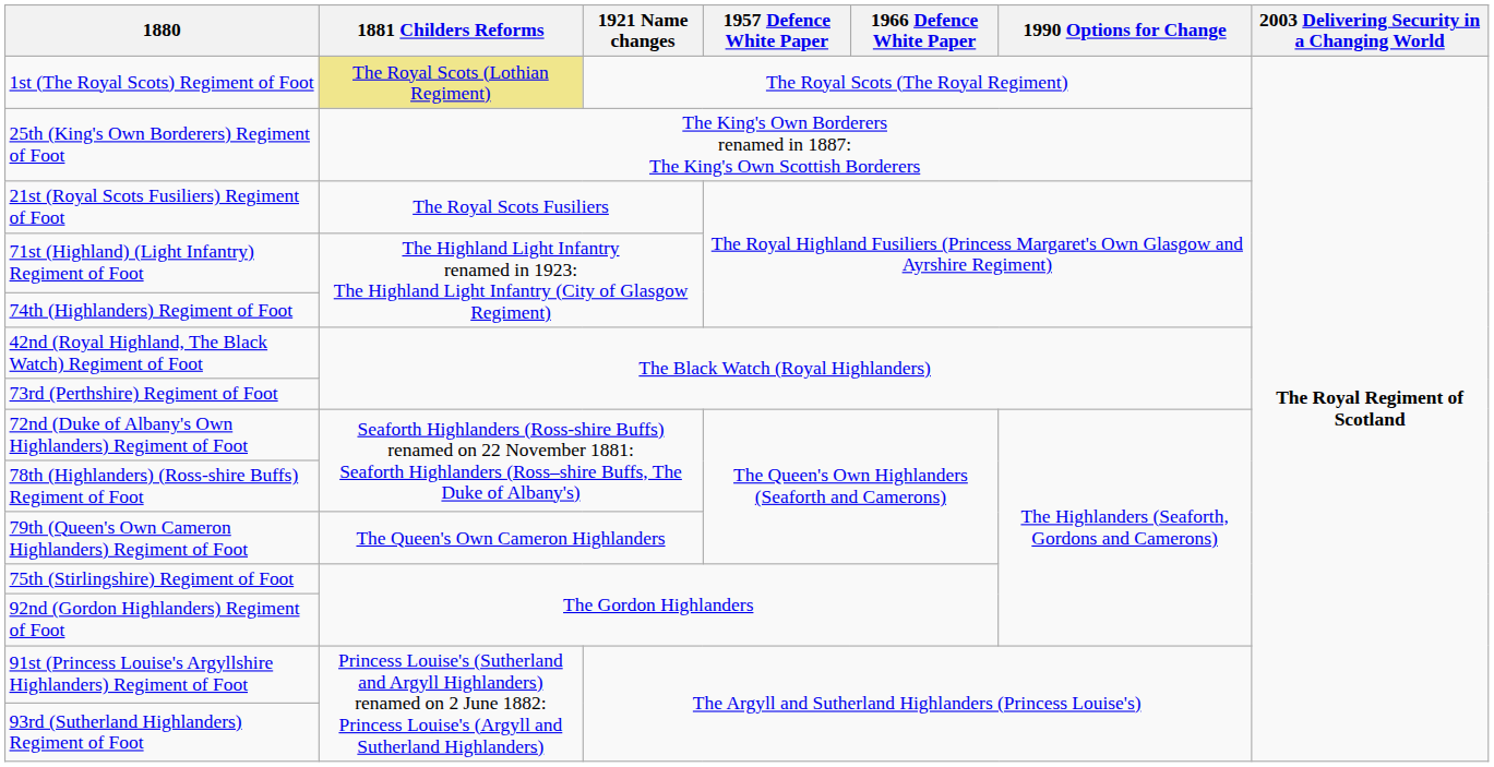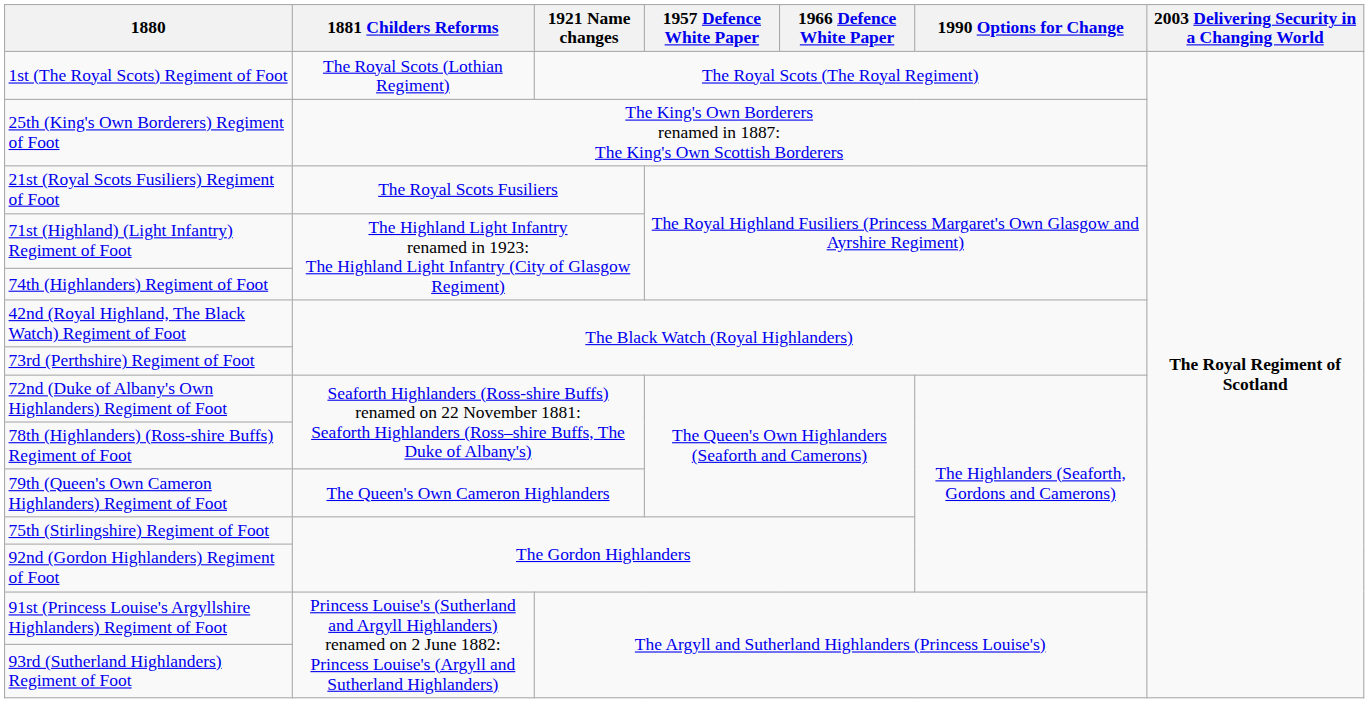 <table class="wikitable">
 <tr>
 <th>1880</th>
 <th>1881 <a href='#'>Childers Reforms</a></th>
 <th>1921 Name changes</th>
 <th>1957 <a href='#'>Defence White Paper</a></th>
 <th>1966 <a href='#'>Defence White Paper</a></th>
 <th>1990 <a href='#'>Options for Change</a></th>
 <th>2003 <a href='#'>Delivering Security in a Changing World</a></th>
 </tr>
 <tr>
 <td><a href='#'>1st (The Royal Scots) Regiment of Foot</a></td>
-<td style="background: khaki; text-align:center;"><a href='#'>The Royal Scots (Lothian Regiment)</a></td>
+<td style="text-align:center;"><a href='#'>The Royal Scots (Lothian Regiment)</a></td>
 <td colspan="4" style="text-align:center;"><a href='#'>The Royal Scots (The Royal Regiment)</a></td>
 <td rowspan="14" style="text-align:center;"><strong>The Royal Regiment of Scotland</strong></td>
 </tr>
 <tr>
 <td><a href='#'>25th (King's Own Borderers) Regiment of Foot</a></td>
 <td colspan="5" style="text-align:center;"><a href='#'>The King's Own Borderers</a><br>renamed in 1887:<br><a href='#'>The King's Own Scottish Borderers</a></td>
 </tr>
 <tr>
 <td><a href='#'>21st (Royal Scots Fusiliers) Regiment of Foot</a></td>
 <td colspan="2" style="text-align:center;"><a href='#'>The Royal Scots Fusiliers</a></td>
 <td rowspan="3" colspan="3" style="text-align: center;"><a href='#'>The Royal Highland Fusiliers (Princess Margaret's Own Glasgow and Ayrshire Regiment)</a></td>
 </tr>
 <tr>
 <td><a href='#'>71st (Highland) (Light Infantry) Regiment of Foot</a></td>
 <td rowspan="2" colspan="2" style="text-align: center;"><a href='#'>The Highland Light Infantry</a><br>renamed in 1923:<br><a href='#'>The Highland Light Infantry (City of Glasgow Regiment)</a></td>
 </tr>
 <tr>
 <td><a href='#'>74th (Highlanders) Regiment of Foot</a></td>
 </tr>
 <tr>
 <td><a href='#'>42nd (Royal Highland, The Black Watch) Regiment of Foot</a></td>
 <td rowspan="2" colspan="5" style="text-align: center;"><a href='#'>The Black Watch (Royal Highlanders)</a></td>
 </tr>
 <tr>
 <td><a href='#'>73rd (Perthshire) Regiment of Foot</a></td>
 </tr>
 <tr>
 <td><a href='#'>72nd (Duke of Albany's Own Highlanders) Regiment of Foot</a></td>
 <td rowspan="2" colspan="2" style="text-align: center;"><a href='#'>Seaforth Highlanders (Ross-shire Buffs)</a><br>renamed on 22 November 1881:<br><a href='#'>Seaforth Highlanders (Ross–shire Buffs, The Duke of Albany's)</a></td>
 <td colspan="2" rowspan="3" style="text-align:center;"><a href='#'>The Queen's Own Highlanders (Seaforth and Camerons)</a></td>
 <td rowspan="5" style="text-align:center;"><a href='#'>The Highlanders (Seaforth, Gordons and Camerons)</a></td>
 </tr>
 <tr>
 <td><a href='#'>78th (Highlanders) (Ross-shire Buffs) Regiment of Foot</a></td>
 </tr>
 <tr>
 <td><a href='#'>79th (Queen's Own Cameron Highlanders) Regiment of Foot</a></td>
 <td colspan="2" style="text-align:center;"><a href='#'>The Queen's Own Cameron Highlanders</a></td>
 </tr>
 <tr>
 <td><a href='#'>75th (Stirlingshire) Regiment of Foot</a></td>
 <td colspan="4" rowspan="2" style="text-align: center;"><a href='#'>The Gordon Highlanders</a></td>
 </tr>
 <tr>
 <td><a href='#'>92nd (Gordon Highlanders) Regiment of Foot</a></td>
 </tr>
 <tr>
 <td><a href='#'>91st (Princess Louise's Argyllshire Highlanders) Regiment of Foot</a></td>
 <td rowspan="2" style="text-align: center;"><a href='#'>Princess Louise's (Sutherland and Argyll Highlanders)</a><br>renamed on 2 June 1882:<br><a href='#'>Princess Louise's (Argyll and Sutherland Highlanders)</a></td>
 <td rowspan="2" colspan="4" style="text-align: center;"><a href='#'>The Argyll and Sutherland Highlanders (Princess Louise's)</a></td>
 </tr>
 <tr>
 <td><a href='#'>93rd (Sutherland Highlanders) Regiment of Foot</a></td>
 </tr>
 </table>
